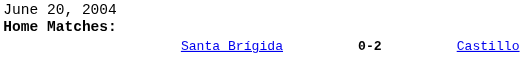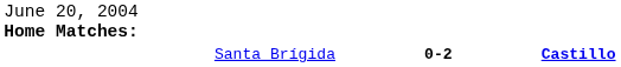 <table width=100% cellspacing=1>
 <tr>
 <th width=20%></th>
 <th width=12%></th>
 <th width=20%></th>
 <th></th>
 </tr>
 <tr>
 <td>June 20, 2004<br><strong>Home Matches:</strong></td>
 </tr>
 <tr style=font-size:90%>
 <td align=right><a href='#'>Santa Brígida</a></td>
 <td align=center><strong>0-2</strong></td>
-<td><a href='#'>Castillo</a></td>
+<td><strong><a href='#'>Castillo</a></strong></td>
 </tr>
 </table>
